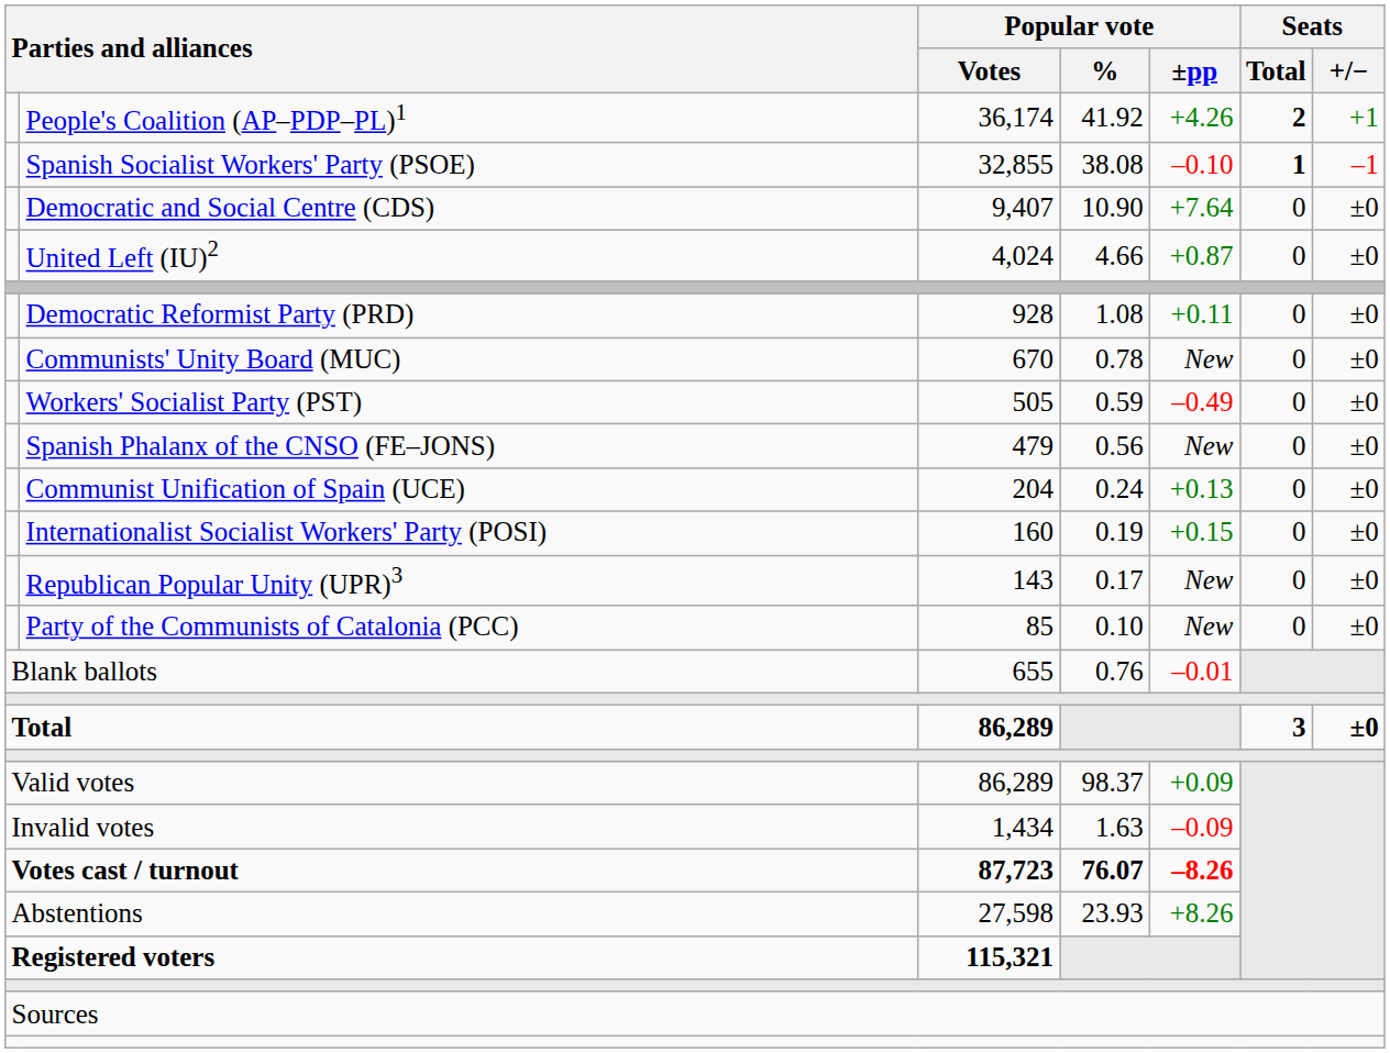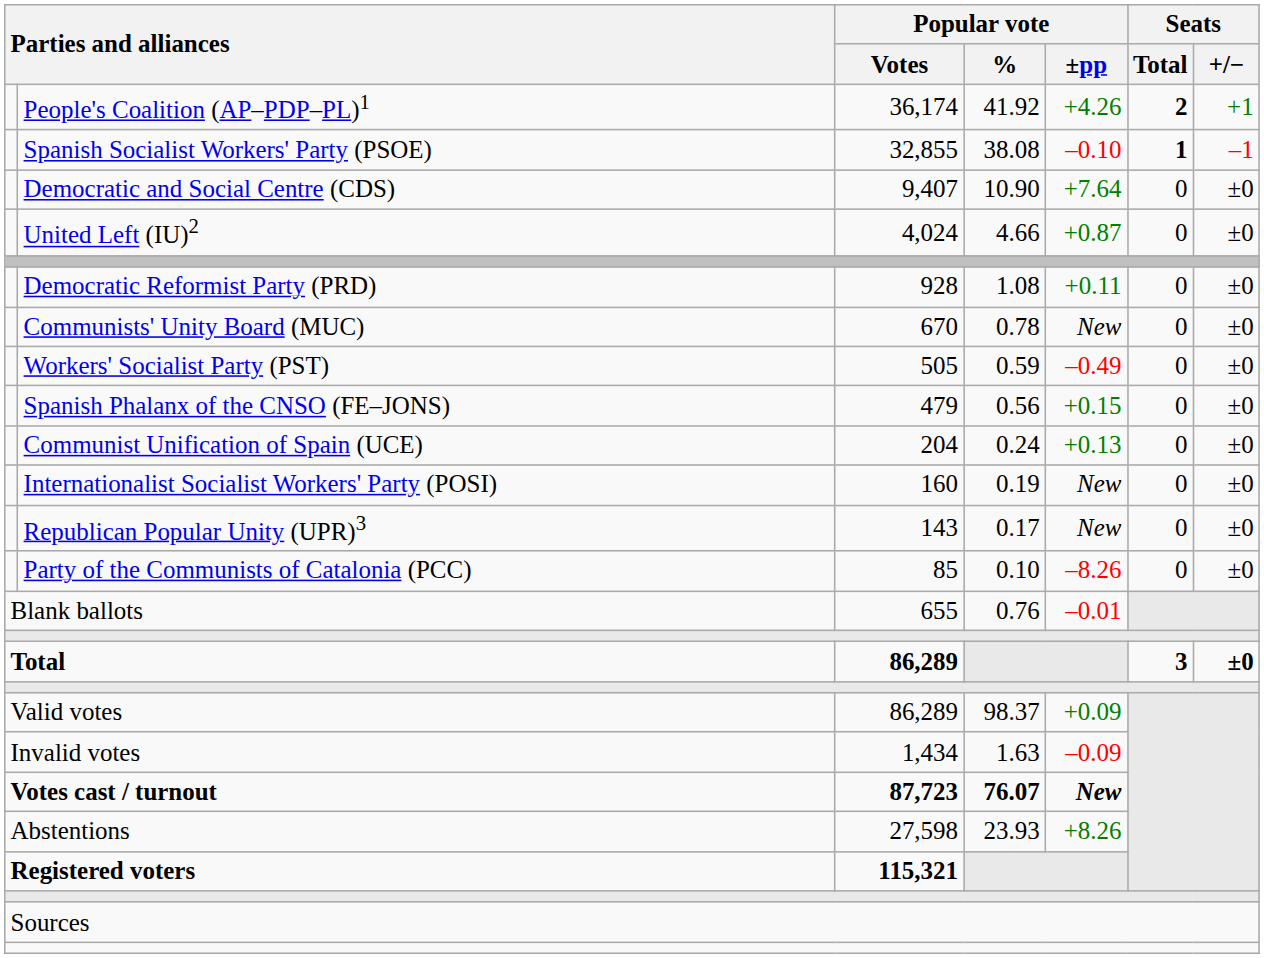 <table class="wikitable" style="text-align:right;">
 <tr>
 <th style="text-align:left;" rowspan="2" colspan="2" width="525">Parties and alliances</th>
 <th colspan="3">Popular vote</th>
 <th colspan="2">Seats</th>
 </tr>
 <tr>
 <th width="75">Votes</th>
 <th width="45">%</th>
 <th width="45">±<a href='#'>pp</a></th>
 <th width="35">Total</th>
 <th width="35">+/−</th>
 </tr>
 <tr>
 <td width="1" style="color:inherit;background:"></td>
 <td align="left"><a href='#'>People's Coalition</a> (<a href='#'>AP</a>–<a href='#'>PDP</a>–<a href='#'>PL</a>)<sup>1</sup></td>
 <td>36,174</td>
 <td>41.92</td>
 <td style="color:green;">+4.26</td>
 <td><strong>2</strong></td>
 <td style="color:green;">+1</td>
 </tr>
 <tr>
 <td style="color:inherit;background:"></td>
 <td align="left"><a href='#'>Spanish Socialist Workers' Party</a> (PSOE)</td>
 <td>32,855</td>
 <td>38.08</td>
 <td style="color:red;">–0.10</td>
 <td><strong>1</strong></td>
 <td style="color:red;">–1</td>
 </tr>
 <tr>
 <td style="color:inherit;background:"></td>
 <td align="left"><a href='#'>Democratic and Social Centre</a> (CDS)</td>
 <td>9,407</td>
 <td>10.90</td>
 <td style="color:green;">+7.64</td>
 <td>0</td>
 <td>±0</td>
 </tr>
 <tr>
 <td style="color:inherit;background:"></td>
 <td align="left"><a href='#'>United Left</a> (IU)<sup>2</sup></td>
 <td>4,024</td>
 <td>4.66</td>
 <td style="color:green;">+0.87</td>
 <td>0</td>
 <td>±0</td>
 </tr>
 <tr>
 <td colspan="7" bgcolor="#C0C0C0"></td>
 </tr>
 <tr>
 <td style="color:inherit;background:"></td>
 <td align="left"><a href='#'>Democratic Reformist Party</a> (PRD)</td>
 <td>928</td>
 <td>1.08</td>
 <td style="color:green;">+0.11</td>
 <td>0</td>
 <td>±0</td>
 </tr>
 <tr>
 <td style="color:inherit;background:"></td>
 <td align="left"><a href='#'>Communists' Unity Board</a> (MUC)</td>
 <td>670</td>
 <td>0.78</td>
 <td><em>New</em></td>
 <td>0</td>
 <td>±0</td>
 </tr>
 <tr>
 <td style="color:inherit;background:"></td>
 <td align="left"><a href='#'>Workers' Socialist Party</a> (PST)</td>
 <td>505</td>
 <td>0.59</td>
 <td style="color:red;">–0.49</td>
 <td>0</td>
 <td>±0</td>
 </tr>
 <tr>
 <td style="color:inherit;background:"></td>
 <td align="left"><a href='#'>Spanish Phalanx of the CNSO</a> (FE–JONS)</td>
 <td>479</td>
 <td>0.56</td>
-<td><em>New</em></td>
+<td style="color:green;">+0.15</td>
 <td>0</td>
 <td>±0</td>
 </tr>
 <tr>
 <td style="color:inherit;background:"></td>
 <td align="left"><a href='#'>Communist Unification of Spain</a> (UCE)</td>
 <td>204</td>
 <td>0.24</td>
 <td style="color:green;">+0.13</td>
 <td>0</td>
 <td>±0</td>
 </tr>
 <tr>
 <td style="color:inherit;background:"></td>
 <td align="left"><a href='#'>Internationalist Socialist Workers' Party</a> (POSI)</td>
 <td>160</td>
 <td>0.19</td>
-<td style="color:green;">+0.15</td>
+<td><em>New</em></td>
 <td>0</td>
 <td>±0</td>
 </tr>
 <tr>
 <td style="color:inherit;background:"></td>
 <td align="left"><a href='#'>Republican Popular Unity</a> (UPR)<sup>3</sup></td>
 <td>143</td>
 <td>0.17</td>
 <td><em>New</em></td>
 <td>0</td>
 <td>±0</td>
 </tr>
 <tr>
 <td style="color:inherit;background:"></td>
 <td align="left"><a href='#'>Party of the Communists of Catalonia</a> (PCC)</td>
 <td>85</td>
 <td>0.10</td>
-<td><em>New</em></td>
+<td style="color:red;">–8.26</td>
 <td>0</td>
 <td>±0</td>
 </tr>
 <tr>
 <td align="left" colspan="2">Blank ballots</td>
 <td>655</td>
 <td>0.76</td>
 <td style="color:red;">–0.01</td>
 <td bgcolor="#E9E9E9" colspan="2"></td>
 </tr>
 <tr>
 <td colspan="7" bgcolor="#E9E9E9"></td>
 </tr>
 <tr style="font-weight:bold;">
 <td align="left" colspan="2">Total</td>
 <td>86,289</td>
 <td bgcolor="#E9E9E9" colspan="2"></td>
 <td>3</td>
 <td>±0</td>
 </tr>
 <tr>
 <td colspan="7" bgcolor="#E9E9E9"></td>
 </tr>
 <tr>
 <td align="left" colspan="2">Valid votes</td>
 <td>86,289</td>
 <td>98.37</td>
 <td style="color:green;">+0.09</td>
 <td bgcolor="#E9E9E9" colspan="2" rowspan="5"></td>
 </tr>
 <tr>
 <td align="left" colspan="2">Invalid votes</td>
 <td>1,434</td>
 <td>1.63</td>
 <td style="color:red;">–0.09</td>
 </tr>
 <tr style="font-weight:bold;">
 <td align="left" colspan="2">Votes cast / turnout</td>
 <td>87,723</td>
 <td>76.07</td>
-<td style="color:red;">–8.26</td>
+<td><em>New</em></td>
 </tr>
 <tr>
 <td align="left" colspan="2">Abstentions</td>
 <td>27,598</td>
 <td>23.93</td>
 <td style="color:green;">+8.26</td>
 </tr>
 <tr style="font-weight:bold;">
 <td align="left" colspan="2">Registered voters</td>
 <td>115,321</td>
 <td bgcolor="#E9E9E9" colspan="2"></td>
 </tr>
 <tr>
 <td colspan="7" bgcolor="#E9E9E9"></td>
 </tr>
 <tr>
 <td align="left" colspan="7">Sources</td>
 </tr>
 <tr>
 <td colspan="7" style="text-align:left; max-width:790px;"></td>
 </tr>
 </table>
